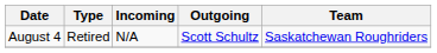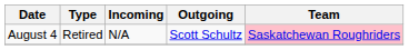 <table class="wikitable" border="1">
 <tr>
 <th><strong>Date</strong></th>
 <th><strong>Type</strong></th>
 <th><strong>Incoming</strong></th>
 <th><strong>Outgoing</strong></th>
 <th><strong>Team</strong></th>
 </tr>
 <tr>
 <td>August 4</td>
 <td>Retired</td>
 <td>N/A</td>
 <td><a href='#'>Scott Schultz</a></td>
-<td><a href='#'>Saskatchewan Roughriders</a></td>
+<td style="background: pink;"><a href='#'>Saskatchewan Roughriders</a></td>
 </tr>
 <tr>
 </tr>
 </table>
